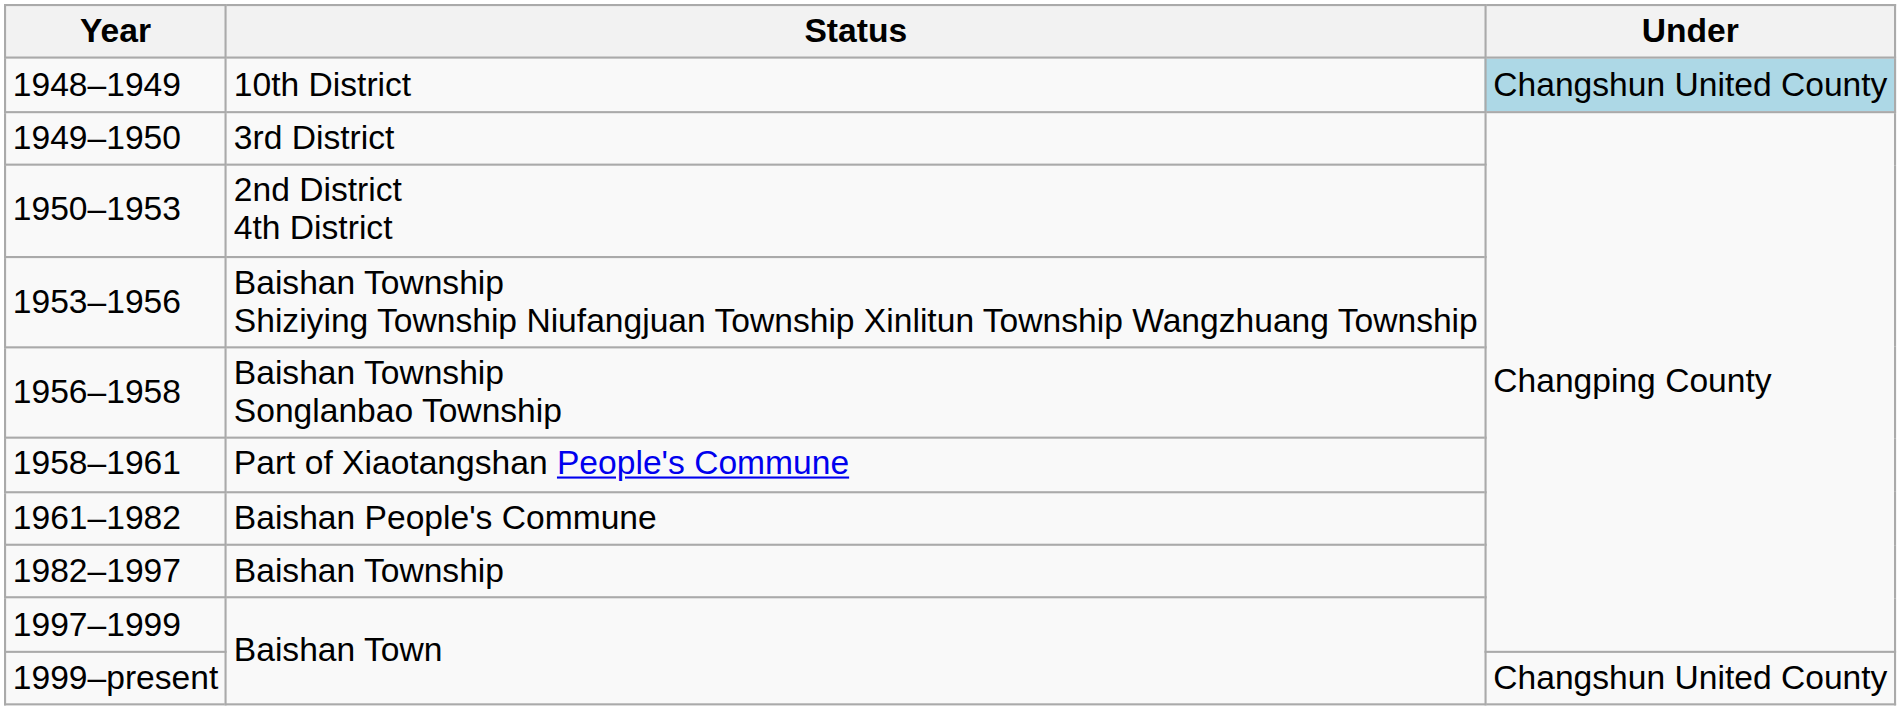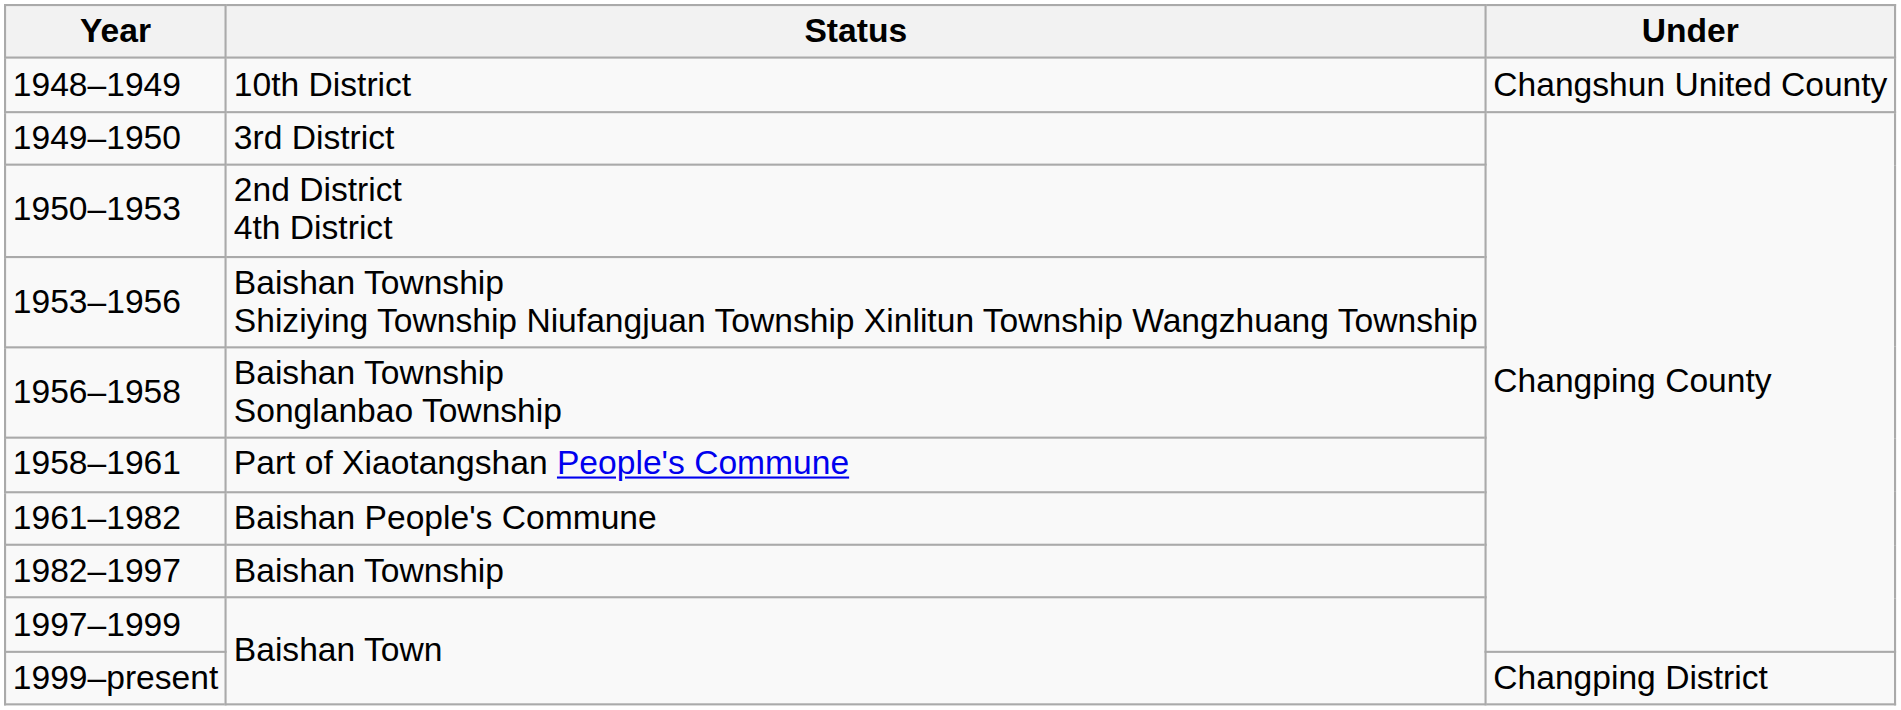 <table class="wikitable">
 <tr>
 <th>Year</th>
 <th>Status</th>
 <th>Under</th>
 </tr>
 <tr>
 <td>1948–1949</td>
 <td>10th District</td>
-<td style="background: lightblue;">Changshun United County</td>
+<td>Changshun United County</td>
 </tr>
 <tr>
 <td>1949–1950</td>
 <td>3rd District</td>
 <td rowspan="8">Changping County</td>
 </tr>
 <tr>
 <td>1950–1953</td>
 <td>2nd District<br>4th District</td>
 </tr>
 <tr>
 <td>1953–1956</td>
 <td>Baishan Township<br>Shiziying Township Niufangjuan Township Xinlitun Township Wangzhuang Township</td>
 </tr>
 <tr>
 <td>1956–1958</td>
 <td>Baishan Township<br>Songlanbao Township</td>
 </tr>
 <tr>
 <td>1958–1961</td>
 <td>Part of Xiaotangshan <a href='#'>People's Commune</a></td>
 </tr>
 <tr>
 <td>1961–1982</td>
 <td>Baishan People's Commune</td>
 </tr>
 <tr>
 <td>1982–1997</td>
 <td>Baishan Township</td>
 </tr>
 <tr>
 <td>1997–1999</td>
 <td rowspan="2">Baishan Town</td>
 </tr>
 <tr>
 <td>1999–present</td>
-<td>Changshun United County</td>
+<td>Changping District</td>
 </tr>
 </table>
